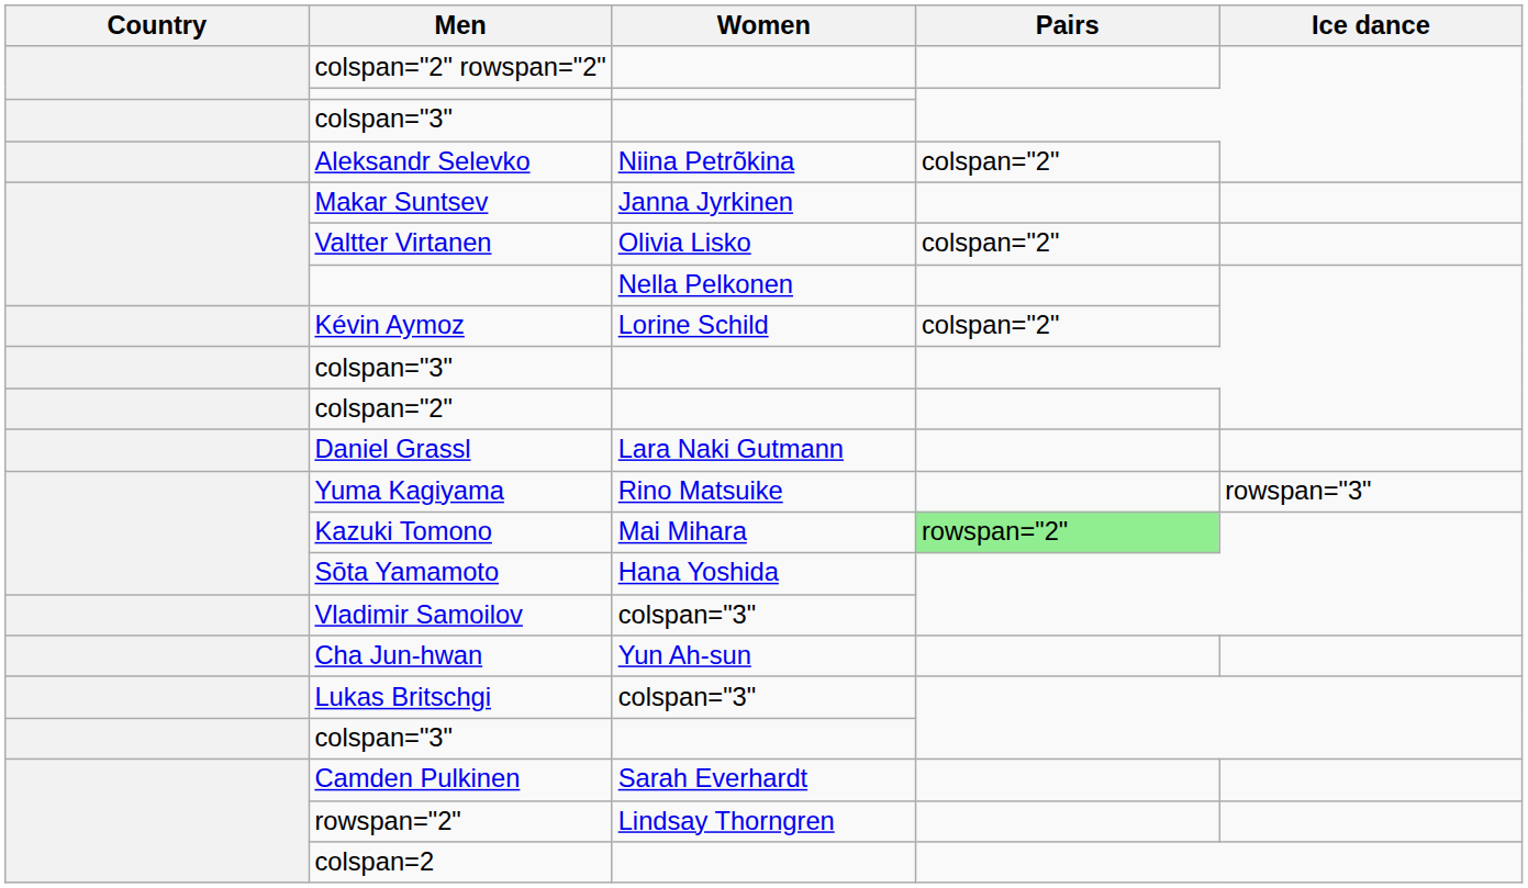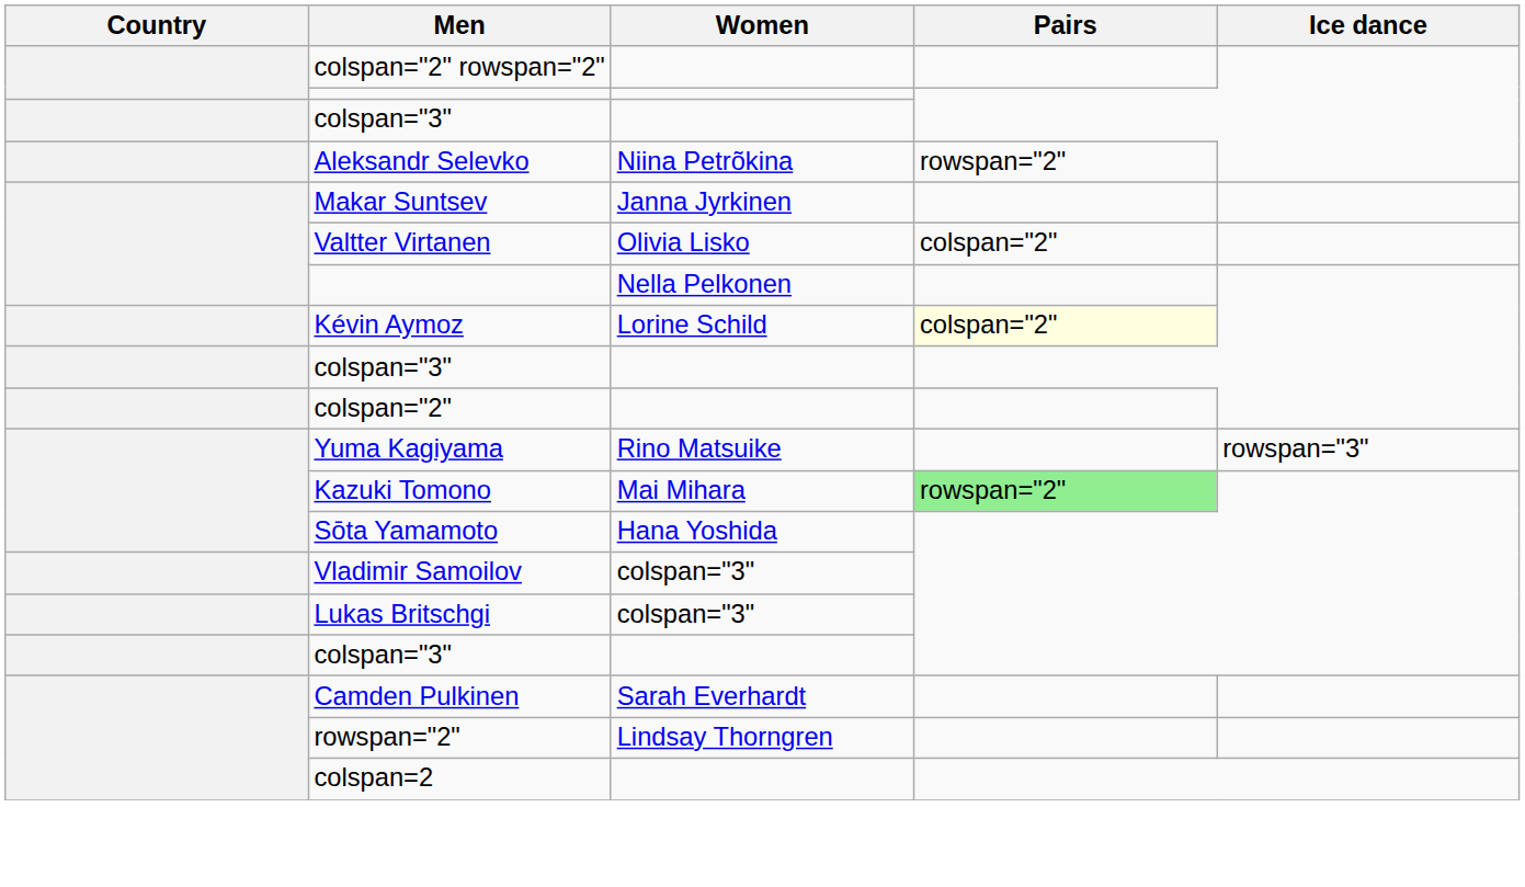 <table class="wikitable unsortable" style="text-align:left">
 <tr>
 <th scope="col" style="text-align:center; width:20%">Country</th>
 <th scope="col" style="text-align:center; width:20%">Men</th>
 <th scope="col" style="text-align:center; width:20%">Women</th>
 <th scope="col" style="text-align:center; width:20%">Pairs</th>
 <th scope="col" style="text-align:center; width:20%">Ice dance</th>
 </tr>
 <tr>
 <th scope="row" style="text-align:left" rowspan="2"></th>
 <td>colspan="2" rowspan="2" </td>
 <td></td>
 <td></td>
 </tr>
 <tr>
 <td></td>
 <td></td>
 </tr>
 <tr>
 <th scope="row" style="text-align:left"></th>
 <td>colspan="3" </td>
 <td></td>
 </tr>
 <tr>
 <th scope="row" style="text-align:left"></th>
 <td><a href='#'>Aleksandr Selevko</a></td>
 <td><a href='#'>Niina Petrõkina</a></td>
-<td>colspan="2" </td>
+<td>rowspan="2" </td>
 </tr>
 <tr>
 <th scope="row" style="text-align:left" rowspan="3"></th>
 <td><a href='#'>Makar Suntsev</a></td>
 <td><a href='#'>Janna Jyrkinen</a></td>
 <td></td>
 <td></td>
 </tr>
 <tr>
 <td><a href='#'>Valtter Virtanen</a></td>
 <td><a href='#'>Olivia Lisko</a></td>
 <td>colspan="2" </td>
 <td></td>
 </tr>
 <tr>
 <td></td>
 <td><a href='#'>Nella Pelkonen</a></td>
 <td></td>
 </tr>
 <tr>
 <th scope="row" style="text-align:left"></th>
 <td><a href='#'>Kévin Aymoz</a></td>
 <td><a href='#'>Lorine Schild</a></td>
-<td>colspan="2" </td>
+<td style="background: lightyellow;">colspan="2" </td>
 </tr>
 <tr>
 <th scope="row" style="text-align:left"></th>
 <td>colspan="3" </td>
 <td></td>
 </tr>
 <tr>
 <th scope="row" style="text-align:left"></th>
 <td>colspan="2" </td>
-<td></td>
-<td></td>
-</tr>
-<tr>
-<th scope="row" style="text-align:left"></th>
-<td><a href='#'>Daniel Grassl</a></td>
-<td><a href='#'>Lara Naki Gutmann</a></td>
 <td></td>
 <td></td>
 </tr>
 <tr>
 <th scope="row" style="text-align:left" rowspan="3"></th>
 <td><a href='#'>Yuma Kagiyama</a></td>
 <td><a href='#'>Rino Matsuike</a></td>
 <td></td>
 <td>rowspan="3" </td>
 </tr>
 <tr>
 <td><a href='#'>Kazuki Tomono</a></td>
 <td><a href='#'>Mai Mihara</a></td>
 <td style="background: lightgreen;">rowspan="2" </td>
 </tr>
 <tr>
 <td><a href='#'>Sōta Yamamoto</a></td>
 <td><a href='#'>Hana Yoshida</a></td>
 </tr>
 <tr>
 <th scope="row" style="text-align:left"></th>
 <td><a href='#'>Vladimir Samoilov</a></td>
 <td>colspan="3" </td>
-</tr>
-<tr>
-<th scope="row" style="text-align:left"></th>
-<td><a href='#'>Cha Jun-hwan</a></td>
-<td><a href='#'>Yun Ah-sun</a></td>
-<td></td>
-<td></td>
 </tr>
 <tr>
 <th scope="row" style="text-align:left"></th>
 <td><a href='#'>Lukas Britschgi</a></td>
 <td>colspan="3" </td>
 </tr>
 <tr>
 <th scope="row" style="text-align:left"></th>
 <td>colspan="3" </td>
 <td></td>
 </tr>
 <tr>
 <th scope="row" style="text-align:left" rowspan="3"></th>
 <td><a href='#'>Camden Pulkinen</a></td>
 <td><a href='#'>Sarah Everhardt</a></td>
 <td></td>
 <td></td>
 </tr>
 <tr>
 <td>rowspan="2" </td>
 <td><a href='#'>Lindsay Thorngren</a></td>
 <td></td>
 <td></td>
 </tr>
 <tr>
 <td>colspan=2 </td>
 <td></td>
 </tr>
 </table>
